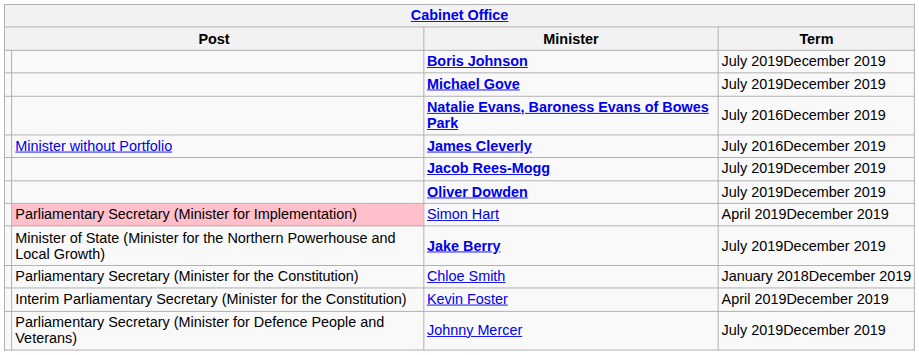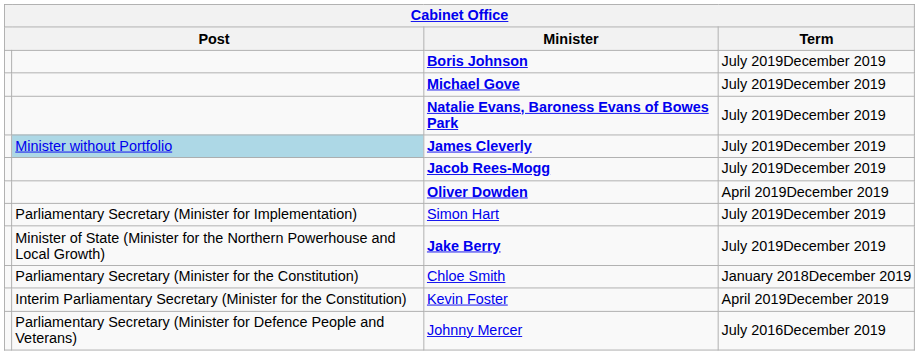 <table class="wikitable">
 <tr>
 <th colspan="5"><a href='#'>Cabinet Office</a></th>
 </tr>
 <tr>
 <th colspan="2">Post</th>
 <th>Minister</th>
 <th>Term</th>
 </tr>
 <tr>
 <td style="width: 1px; background: "></td>
 <td style="width: 450px;"></td>
 <td style="width: 320px;"><strong><a href='#'>Boris Johnson</a></strong></td>
 <td>July 2019December 2019</td>
 </tr>
 <tr>
 <td style="width: 1px; background: "></td>
 <td style="width: 450px;"></td>
 <td style="width: 320px;"><strong><a href='#'>Michael Gove</a></strong></td>
 <td>July 2019December 2019</td>
 </tr>
 <tr>
 <td style="width: 1px; background: "></td>
 <td style="width: 450px;"></td>
 <td style="width: 320px;"><strong><a href='#'>Natalie Evans, Baroness Evans of Bowes Park</a></strong></td>
-<td>July 2016December 2019</td>
+<td>July 2019December 2019</td>
 </tr>
 <tr>
 <td style="width: 1px; background: "></td>
-<td style="width: 450px;"><a href='#'>Minister without Portfolio</a></td>
+<td style="background: lightblue; width: 450px;"><a href='#'>Minister without Portfolio</a></td>
 <td style="width: 320px;"><strong><a href='#'>James Cleverly</a></strong> <br></td>
-<td>July 2016December 2019</td>
+<td>July 2019December 2019</td>
 </tr>
 <tr>
 <td style="width: 1px; background: "></td>
 <td style="width: 450px;"></td>
 <td style="width: 320px;"><strong><a href='#'>Jacob Rees-Mogg</a></strong></td>
 <td>July 2019December 2019</td>
 </tr>
 <tr>
 <td style="width: 1px; background: "></td>
 <td style="width: 450px;"></td>
 <td style="width: 320px;"><strong><a href='#'>Oliver Dowden</a></strong></td>
-<td>July 2019December 2019</td>
+<td>April 2019December 2019</td>
 </tr>
 <tr>
 <td style="width: 1px; background: "></td>
-<td style="background: pink;">Parliamentary Secretary (Minister for Implementation)</td>
+<td>Parliamentary Secretary (Minister for Implementation)</td>
 <td><a href='#'>Simon Hart</a></td>
-<td>April 2019December 2019</td>
+<td>July 2019December 2019</td>
 </tr>
 <tr>
 <td style="width: 1px; background: "></td>
 <td style="width: 450px;">Minister of State (Minister for the Northern Powerhouse and Local Growth)</td>
 <td style="width: 320px;"><strong><a href='#'>Jake Berry</a></strong><br></td>
 <td>July 2019December 2019</td>
 </tr>
 <tr>
 <td style="width: 1px; background: "></td>
 <td style="width: 450px;">Parliamentary Secretary (Minister for the Constitution)</td>
 <td style="width: 320px;"><a href='#'>Chloe Smith</a></td>
 <td>January 2018December 2019</td>
 </tr>
 <tr>
 <td style="width: 1px; background: "></td>
 <td style="width: 450px;">Interim Parliamentary Secretary (Minister for the Constitution)</td>
 <td><a href='#'>Kevin Foster</a><br></td>
 <td>April 2019December 2019</td>
 </tr>
 <tr>
 <td style="width: 1px; background: "></td>
 <td style="width: 450px;">Parliamentary Secretary (Minister for Defence People and Veterans)</td>
 <td style="width: 320px;"><a href='#'>Johnny Mercer</a><br></td>
-<td>July 2019December 2019</td>
+<td>July 2016December 2019</td>
 </tr>
 </table>
